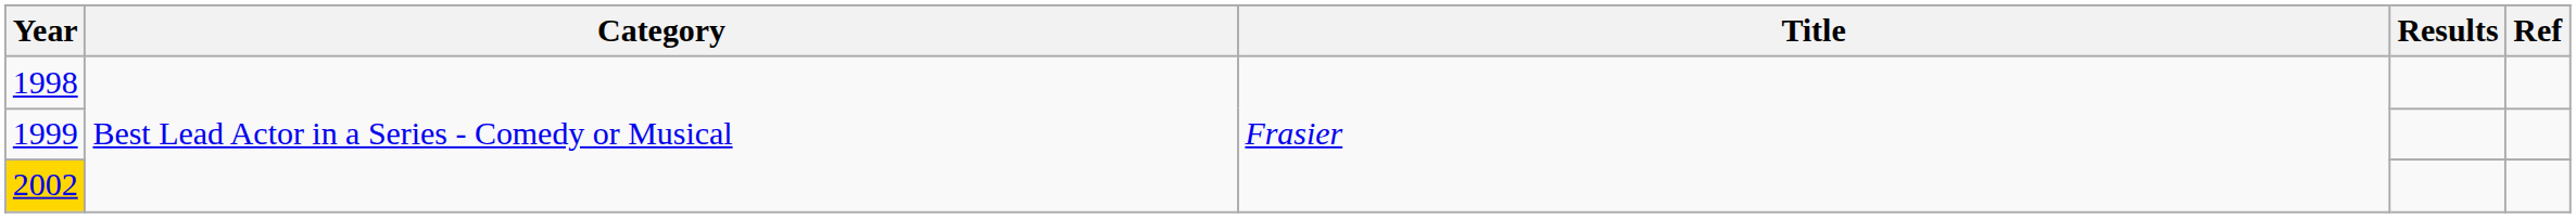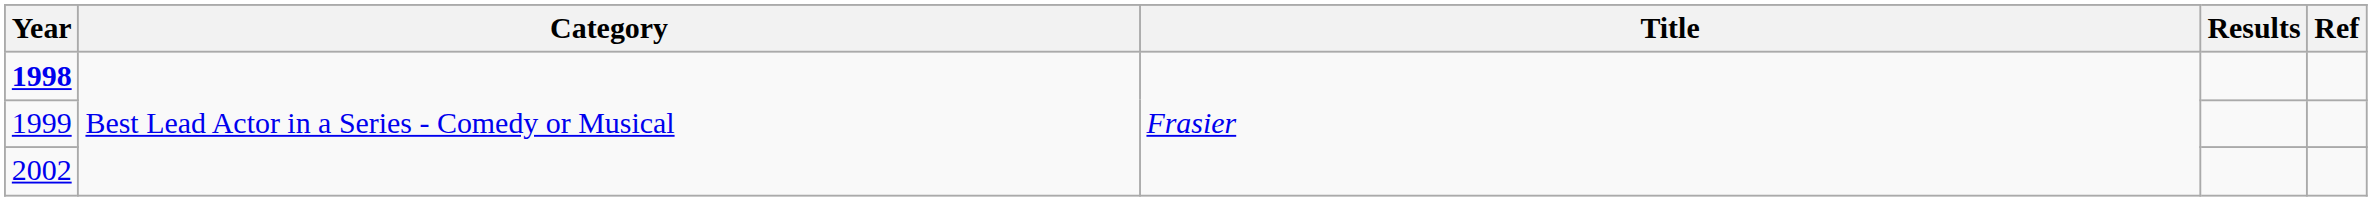 <table class="wikitable">
 <tr>
 <th scope="col" style="width:1em;">Year</th>
 <th scope="col" style="width:35em;">Category</th>
 <th scope="col" style="width:35em;">Title</th>
 <th scope="col" style="width:1em;">Results</th>
 <th scope="col" style="width:1em;">Ref</th>
 </tr>
 <tr>
-<td><a href='#'>1998</a></td>
+<td><strong><a href='#'>1998</a></strong></td>
 <td rowspan="3"><a href='#'>Best Lead Actor in a Series - Comedy or Musical</a></td>
 <td rowspan="3"><em><a href='#'>Frasier</a></em></td>
 <td></td>
 <td></td>
 </tr>
 <tr>
 <td><a href='#'>1999</a></td>
 <td></td>
 <td></td>
 </tr>
 <tr>
-<td style="background: gold;"><a href='#'>2002</a></td>
+<td><a href='#'>2002</a></td>
 <td></td>
 <td></td>
 </tr>
 </table>
